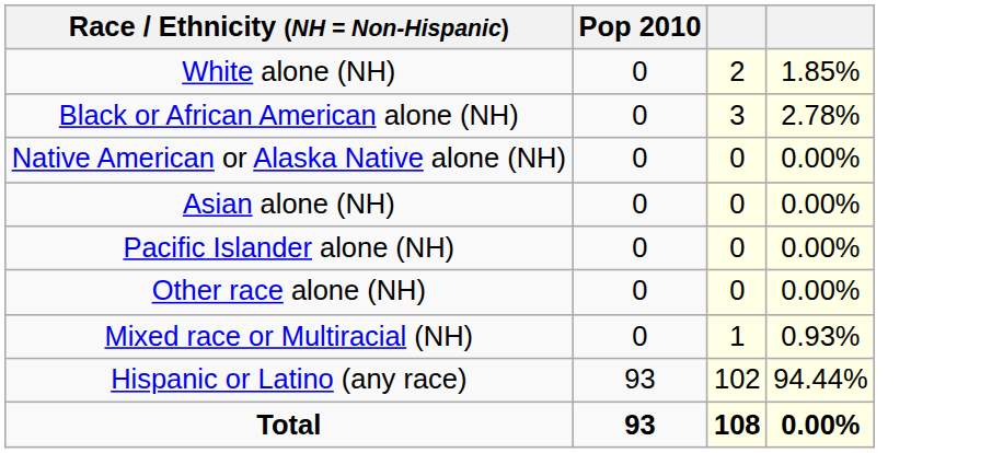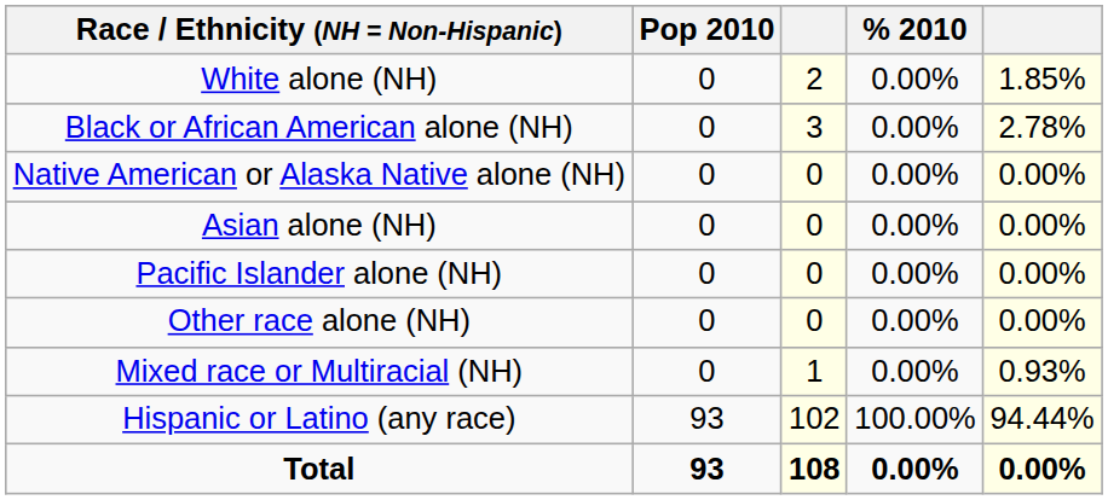 <table class="wikitable" style="text-align:center;">
 <tr>
 <th>Race / Ethnicity <small>(<em>NH = Non-Hispanic</em>)</small></th>
 <th>Pop 2010</th>
 <th></th>
+<th>% 2010</th>
 <th></th>
 </tr>
 <tr>
 <td><a href='#'>White</a> alone (NH)</td>
 <td>0</td>
 <td style='background: #ffffe6;'>2</td>
+<td>0.00%</td>
 <td style='background: #ffffe6;'>1.85%</td>
 </tr>
 <tr>
 <td><a href='#'>Black or African American</a> alone (NH)</td>
 <td>0</td>
 <td style='background: #ffffe6;'>3</td>
+<td>0.00%</td>
 <td style='background: #ffffe6;'>2.78%</td>
 </tr>
 <tr>
 <td><a href='#'>Native American</a> or <a href='#'>Alaska Native</a> alone (NH)</td>
 <td>0</td>
 <td style='background: #ffffe6;'>0</td>
+<td>0.00%</td>
 <td style='background: #ffffe6;'>0.00%</td>
 </tr>
 <tr>
 <td><a href='#'>Asian</a> alone (NH)</td>
 <td>0</td>
 <td style='background: #ffffe6;'>0</td>
+<td>0.00%</td>
 <td style='background: #ffffe6;'>0.00%</td>
 </tr>
 <tr>
 <td><a href='#'>Pacific Islander</a> alone (NH)</td>
 <td>0</td>
 <td style='background: #ffffe6;'>0</td>
+<td>0.00%</td>
 <td style='background: #ffffe6;'>0.00%</td>
 </tr>
 <tr>
 <td><a href='#'>Other race</a> alone (NH)</td>
 <td>0</td>
 <td style='background: #ffffe6;'>0</td>
+<td>0.00%</td>
 <td style='background: #ffffe6;'>0.00%</td>
 </tr>
 <tr>
 <td><a href='#'>Mixed race or Multiracial</a> (NH)</td>
 <td>0</td>
 <td style='background: #ffffe6;'>1</td>
+<td>0.00%</td>
 <td style='background: #ffffe6;'>0.93%</td>
 </tr>
 <tr>
 <td><a href='#'>Hispanic or Latino</a> (any race)</td>
 <td>93</td>
 <td style='background: #ffffe6;'>102</td>
+<td>100.00%</td>
 <td style='background: #ffffe6;'>94.44%</td>
 </tr>
 <tr>
 <td><strong>Total</strong></td>
 <td><strong>93</strong></td>
 <td style='background: #ffffe6;'><strong>108</strong></td>
+<td><strong>0.00%</strong></td>
 <td style='background: #ffffe6;'><strong>0.00%</strong></td>
 </tr>
 </table>
